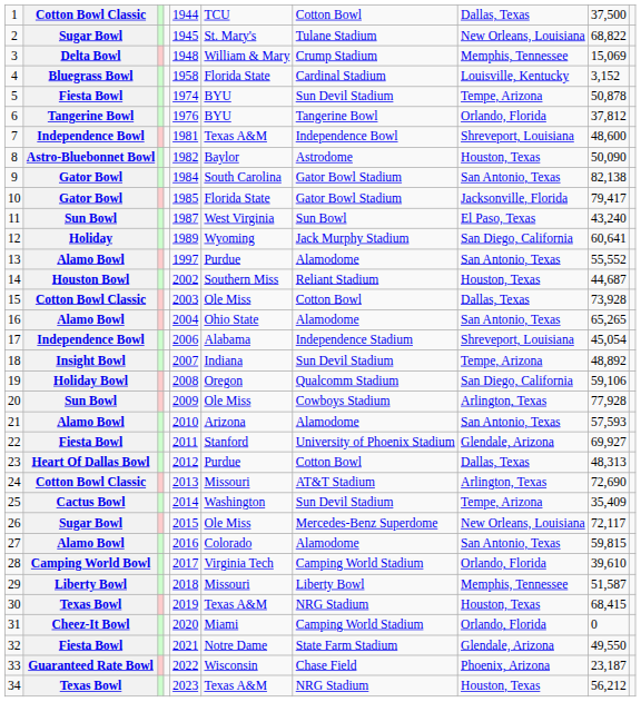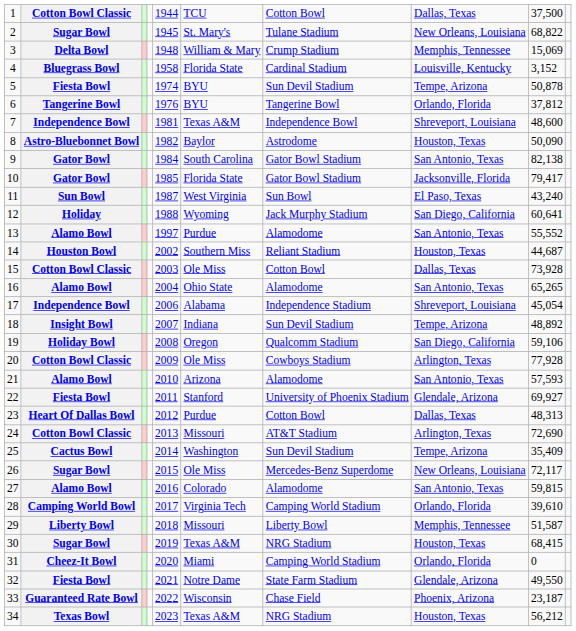 <table class="wikitable sortable">
 <tr>
 <td style="text-align:center;">1</td>
 <th scope="row"><a href='#'>Cotton Bowl Classic</a></th>
 <td style="background:#cfc;"></td>
 <td></td>
 <td><a href='#'>1944</a></td>
 <td><a href='#'>TCU</a></td>
 <td><a href='#'>Cotton Bowl</a></td>
 <td><a href='#'>Dallas, Texas</a></td>
 <td>37,500</td>
 <td></td>
 </tr>
 <tr>
 <td style="text-align:center;">2</td>
 <th scope="row"><a href='#'>Sugar Bowl</a></th>
 <td style="background:#cfc;"></td>
 <td></td>
 <td><a href='#'>1945</a></td>
 <td><a href='#'>St. Mary's</a></td>
 <td><a href='#'>Tulane Stadium</a></td>
 <td><a href='#'>New Orleans, Louisiana</a></td>
 <td>68,822</td>
 <td></td>
 </tr>
 <tr>
 <td style="text-align:center;">3</td>
 <th scope="row"><a href='#'>Delta Bowl</a></th>
 <td style="background:#fcc;"></td>
 <td></td>
 <td><a href='#'>1948</a></td>
 <td><a href='#'>William & Mary</a></td>
 <td><a href='#'>Crump Stadium</a></td>
 <td><a href='#'>Memphis, Tennessee</a></td>
 <td>15,069</td>
 <td></td>
 </tr>
 <tr>
 <td style="text-align:center;">4</td>
 <th scope="row"><a href='#'>Bluegrass Bowl</a></th>
 <td style="background:#cfc;"></td>
 <td></td>
 <td><a href='#'>1958</a></td>
 <td><a href='#'>Florida State</a></td>
 <td><a href='#'>Cardinal Stadium</a></td>
 <td><a href='#'>Louisville, Kentucky</a></td>
 <td>3,152</td>
 <td></td>
 </tr>
 <tr>
 <td style="text-align:center;">5</td>
 <th scope="row"><a href='#'>Fiesta Bowl</a></th>
 <td style="background:#cfc;"></td>
 <td></td>
 <td><a href='#'>1974</a></td>
 <td><a href='#'>BYU</a></td>
 <td><a href='#'>Sun Devil Stadium</a></td>
 <td><a href='#'>Tempe, Arizona</a></td>
 <td>50,878</td>
 <td></td>
 </tr>
 <tr>
 <td style="text-align:center;">6</td>
 <th scope="row"><a href='#'>Tangerine Bowl</a></th>
 <td style="background:#cfc;"></td>
 <td></td>
 <td><a href='#'>1976</a></td>
 <td><a href='#'>BYU</a></td>
 <td><a href='#'>Tangerine Bowl</a></td>
 <td><a href='#'>Orlando, Florida</a></td>
 <td>37,812</td>
 <td></td>
 </tr>
 <tr>
 <td style="text-align:center;">7</td>
 <th scope="row"><a href='#'>Independence Bowl</a></th>
 <td style="background:#fcc;"></td>
 <td></td>
 <td><a href='#'>1981</a></td>
 <td><a href='#'>Texas A&M</a></td>
 <td><a href='#'>Independence Bowl</a></td>
 <td><a href='#'>Shreveport, Louisiana</a></td>
 <td>48,600</td>
 <td></td>
 </tr>
 <tr>
 <td style="text-align:center;">8</td>
 <th scope="row"><a href='#'>Astro-Bluebonnet Bowl</a></th>
 <td style="background:#cfc;"></td>
 <td></td>
 <td><a href='#'>1982</a></td>
 <td><a href='#'>Baylor</a></td>
 <td><a href='#'>Astrodome</a></td>
 <td><a href='#'>Houston, Texas</a></td>
 <td>50,090</td>
 <td></td>
 </tr>
 <tr>
 <td style="text-align:center;">9</td>
 <th scope="row"><a href='#'>Gator Bowl</a></th>
 <td style="background:#cfc;"></td>
 <td></td>
 <td><a href='#'>1984</a></td>
 <td><a href='#'>South Carolina</a></td>
 <td><a href='#'>Gator Bowl Stadium</a></td>
 <td><a href='#'>San Antonio, Texas</a></td>
 <td>82,138</td>
 <td></td>
 </tr>
 <tr>
 <td style="text-align:center;">10</td>
 <th scope="row"><a href='#'>Gator Bowl</a></th>
 <td style="background:#fcc;"></td>
 <td></td>
 <td><a href='#'>1985</a></td>
 <td><a href='#'>Florida State</a></td>
 <td><a href='#'>Gator Bowl Stadium</a></td>
 <td><a href='#'>Jacksonville, Florida</a></td>
 <td>79,417</td>
 <td></td>
 </tr>
 <tr>
 <td style="text-align:center;">11</td>
 <th scope="row"><a href='#'>Sun Bowl</a></th>
 <td style="background:#cfc;"></td>
 <td></td>
 <td><a href='#'>1987</a></td>
 <td><a href='#'>West Virginia</a></td>
 <td><a href='#'>Sun Bowl</a></td>
 <td><a href='#'>El Paso, Texas</a></td>
 <td>43,240</td>
 <td></td>
 </tr>
 <tr>
 <td style="text-align:center;">12</td>
 <th scope="row"><a href='#'>Holiday</a></th>
 <td style="background:#cfc;"></td>
 <td></td>
-<td><a href='#'>1989</a></td>
+<td><a href='#'>1988</a></td>
 <td><a href='#'>Wyoming</a></td>
 <td><a href='#'>Jack Murphy Stadium</a></td>
 <td><a href='#'>San Diego, California</a></td>
 <td>60,641</td>
 <td></td>
 </tr>
 <tr>
 <td style="text-align:center;">13</td>
 <th scope="row"><a href='#'>Alamo Bowl</a></th>
 <td style="background:#fcc;"></td>
 <td></td>
 <td><a href='#'>1997</a></td>
 <td><a href='#'>Purdue</a></td>
 <td><a href='#'>Alamodome</a></td>
 <td><a href='#'>San Antonio, Texas</a></td>
 <td>55,552</td>
 <td></td>
 </tr>
 <tr>
 <td style="text-align:center;">14</td>
 <th scope="row"><a href='#'>Houston Bowl</a></th>
 <td style="background:#cfc;"></td>
 <td></td>
 <td><a href='#'>2002</a></td>
 <td><a href='#'>Southern Miss</a></td>
 <td><a href='#'>Reliant Stadium</a></td>
 <td><a href='#'>Houston, Texas</a></td>
 <td>44,687</td>
 <td></td>
 </tr>
 <tr>
 <td style="text-align:center;">15</td>
 <th scope="row"><a href='#'>Cotton Bowl Classic</a></th>
 <td style="background:#fcc;"></td>
 <td></td>
 <td><a href='#'>2003</a></td>
 <td><a href='#'>Ole Miss</a></td>
 <td><a href='#'>Cotton Bowl</a></td>
 <td><a href='#'>Dallas, Texas</a></td>
 <td>73,928</td>
 <td></td>
 </tr>
 <tr>
 <td style="text-align:center;">16</td>
 <th scope="row"><a href='#'>Alamo Bowl</a></th>
 <td style="background:#fcc;"></td>
 <td></td>
 <td><a href='#'>2004</a></td>
 <td><a href='#'>Ohio State</a></td>
 <td><a href='#'>Alamodome</a></td>
 <td><a href='#'>San Antonio, Texas</a></td>
 <td>65,265</td>
 <td></td>
 </tr>
 <tr>
 <td style="text-align:center;">17</td>
 <th scope="row"><a href='#'>Independence Bowl</a></th>
 <td style="background:#cfc;"></td>
 <td></td>
 <td><a href='#'>2006</a></td>
 <td><a href='#'>Alabama</a></td>
 <td><a href='#'>Independence Stadium</a></td>
 <td><a href='#'>Shreveport, Louisiana</a></td>
 <td>45,054</td>
 <td></td>
 </tr>
 <tr>
 <td style="text-align:center;">18</td>
 <th scope="row"><a href='#'>Insight Bowl</a></th>
 <td style="background:#cfc;"></td>
 <td></td>
 <td><a href='#'>2007</a></td>
 <td><a href='#'>Indiana</a></td>
 <td><a href='#'>Sun Devil Stadium</a></td>
 <td><a href='#'>Tempe, Arizona</a></td>
 <td>48,892</td>
 <td></td>
 </tr>
 <tr>
 <td style="text-align:center;">19</td>
 <th scope="row"><a href='#'>Holiday Bowl</a></th>
 <td style="background:#fcc;"></td>
 <td></td>
 <td><a href='#'>2008</a></td>
 <td><a href='#'>Oregon</a></td>
 <td><a href='#'>Qualcomm Stadium</a></td>
 <td><a href='#'>San Diego, California</a></td>
 <td>59,106</td>
 <td></td>
 </tr>
 <tr>
 <td style="text-align:center;">20</td>
-<th scope="row"><a href='#'>Sun Bowl</a></th>
+<th scope="row"><a href='#'>Cotton Bowl Classic</a></th>
 <td style="background:#fcc;"></td>
 <td></td>
 <td><a href='#'>2009</a></td>
 <td><a href='#'>Ole Miss</a></td>
 <td><a href='#'>Cowboys Stadium</a></td>
 <td><a href='#'>Arlington, Texas</a></td>
 <td>77,928</td>
 <td></td>
 </tr>
 <tr>
 <td style="text-align:center;">21</td>
 <th scope="row"><a href='#'>Alamo Bowl</a></th>
 <td style="background:#cfc;"></td>
 <td></td>
 <td><a href='#'>2010</a></td>
 <td><a href='#'>Arizona</a></td>
 <td><a href='#'>Alamodome</a></td>
 <td><a href='#'>San Antonio, Texas</a></td>
 <td>57,593</td>
 <td></td>
 </tr>
 <tr>
 <td style="text-align:center;">22</td>
 <th scope="row"><a href='#'>Fiesta Bowl</a></th>
 <td style="background:#cfc;"></td>
 <td></td>
 <td><a href='#'>2011</a></td>
 <td><a href='#'>Stanford</a></td>
 <td><a href='#'>University of Phoenix Stadium</a></td>
 <td><a href='#'>Glendale, Arizona</a></td>
 <td>69,927</td>
 <td></td>
 </tr>
 <tr>
 <td style="text-align:center;">23</td>
 <th scope="row"><a href='#'>Heart Of Dallas Bowl</a></th>
 <td style="background:#cfc;"></td>
 <td></td>
 <td><a href='#'>2012</a></td>
 <td><a href='#'>Purdue</a></td>
 <td><a href='#'>Cotton Bowl</a></td>
 <td><a href='#'>Dallas, Texas</a></td>
 <td>48,313 </td>
 <td></td>
 </tr>
 <tr>
 <td style="text-align:center;">24</td>
 <th scope="row"><a href='#'>Cotton Bowl Classic</a></th>
 <td style="background:#fcc;"></td>
 <td></td>
 <td><a href='#'>2013</a></td>
 <td><a href='#'>Missouri</a></td>
 <td><a href='#'>AT&T Stadium</a></td>
 <td><a href='#'>Arlington, Texas</a></td>
 <td>72,690</td>
 <td></td>
 </tr>
 <tr>
 <td style="text-align:center;">25</td>
 <th scope="row"><a href='#'>Cactus Bowl</a></th>
 <td style="background:#cfc;"></td>
 <td></td>
 <td><a href='#'>2014</a></td>
 <td><a href='#'>Washington</a></td>
 <td><a href='#'>Sun Devil Stadium</a></td>
 <td><a href='#'>Tempe, Arizona</a></td>
 <td>35,409</td>
 <td></td>
 </tr>
 <tr>
 <td style="text-align:center;">26</td>
 <th scope="row"><a href='#'>Sugar Bowl</a></th>
 <td style="background:#fcc;"></td>
 <td></td>
 <td><a href='#'>2015</a></td>
 <td><a href='#'>Ole Miss</a></td>
 <td><a href='#'>Mercedes-Benz Superdome</a></td>
 <td><a href='#'>New Orleans, Louisiana</a></td>
 <td>72,117</td>
 <td></td>
 </tr>
 <tr>
 <td style="text-align:center;">27</td>
 <th scope="row"><a href='#'>Alamo Bowl</a></th>
 <td style="background:#cfc;"></td>
 <td></td>
 <td><a href='#'>2016</a></td>
 <td><a href='#'>Colorado</a></td>
 <td><a href='#'>Alamodome</a></td>
 <td><a href='#'>San Antonio, Texas</a></td>
 <td>59,815 </td>
 <td></td>
 </tr>
 <tr>
 <td style="text-align:center;">28</td>
 <th scope="row"><a href='#'>Camping World Bowl</a></th>
 <td style="background:#cfc;"></td>
 <td></td>
 <td><a href='#'>2017</a></td>
 <td><a href='#'>Virginia Tech</a></td>
 <td><a href='#'>Camping World Stadium</a></td>
 <td><a href='#'>Orlando, Florida</a></td>
 <td>39,610</td>
 <td></td>
 </tr>
 <tr>
 <td style="text-align:center;">29</td>
 <th scope="row"><a href='#'>Liberty Bowl</a></th>
 <td style="background:#cfc;"></td>
 <td></td>
 <td><a href='#'>2018</a></td>
 <td><a href='#'>Missouri</a></td>
 <td><a href='#'>Liberty Bowl</a></td>
 <td><a href='#'>Memphis, Tennessee</a></td>
 <td>51,587</td>
 <td></td>
 </tr>
 <tr>
 <td style="text-align:center;">30</td>
-<th scope="row"><a href='#'>Texas Bowl</a></th>
+<th scope="row"><a href='#'>Sugar Bowl</a></th>
 <td style="background:#fcc;"></td>
 <td></td>
 <td><a href='#'>2019</a></td>
 <td><a href='#'>Texas A&M</a></td>
 <td><a href='#'>NRG Stadium</a></td>
 <td><a href='#'>Houston, Texas</a></td>
 <td>68,415</td>
 <td></td>
 </tr>
 <tr>
 <td style="text-align:center;">31</td>
 <th scope="row"><a href='#'>Cheez-It Bowl</a></th>
 <td style="background:#cfc;"></td>
 <td></td>
 <td><a href='#'>2020</a></td>
 <td><a href='#'>Miami</a></td>
 <td><a href='#'>Camping World Stadium</a></td>
 <td><a href='#'>Orlando, Florida</a></td>
 <td>0</td>
 <td></td>
 </tr>
 <tr>
 <td style="text-align:center;">32</td>
 <th scope="row"><a href='#'>Fiesta Bowl</a></th>
 <td style="background:#cfc;"></td>
 <td></td>
 <td><a href='#'>2021</a></td>
 <td><a href='#'>Notre Dame</a></td>
 <td><a href='#'>State Farm Stadium</a></td>
 <td><a href='#'>Glendale, Arizona</a></td>
 <td>49,550</td>
 <td></td>
 </tr>
 <tr>
 <td style="text-align:center;">33</td>
 <th scope="row"><a href='#'>Guaranteed Rate Bowl</a></th>
 <td style="background:#fcc;"></td>
 <td></td>
 <td><a href='#'>2022</a></td>
 <td><a href='#'>Wisconsin</a></td>
 <td><a href='#'>Chase Field</a></td>
 <td><a href='#'>Phoenix, Arizona</a></td>
 <td>23,187</td>
 <td></td>
 </tr>
 <tr>
 <td style="text-align:center;">34</td>
 <th scope="row"><a href='#'>Texas Bowl</a></th>
 <td style="background:#cfc;"></td>
 <td></td>
 <td><a href='#'>2023</a></td>
 <td><a href='#'>Texas A&M</a></td>
 <td><a href='#'>NRG Stadium</a></td>
 <td><a href='#'>Houston, Texas</a></td>
 <td>56,212</td>
 <td></td>
 </tr>
 </table>
